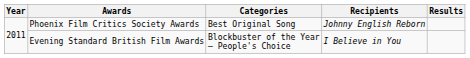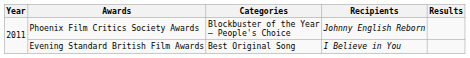 <table class=wikitable>
 <tr>
 <th scope="col">Year</th>
 <th scope="col">Awards</th>
 <th scope="col">Categories</th>
 <th scope="col">Recipients</th>
 <th scope="col">Results</th>
 </tr>
 <tr>
 <td rowspan=2>2011</td>
 <td>Phoenix Film Critics Society Awards</td>
-<td>Best Original Song</td>
+<td>Blockbuster of the Year <br>– People's Choice</td>
 <td><em>Johnny English Reborn</em></td>
 <td></td>
 </tr>
 <tr>
 <td>Evening Standard British Film Awards</td>
-<td>Blockbuster of the Year <br>– People's Choice</td>
+<td>Best Original Song</td>
 <td><em>I Believe in You</em></td>
 <td></td>
 </tr>
 </table>
